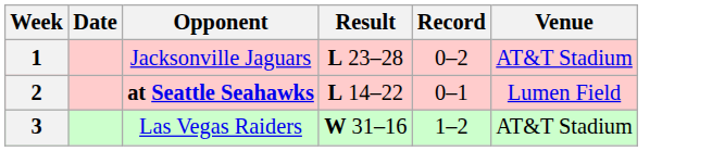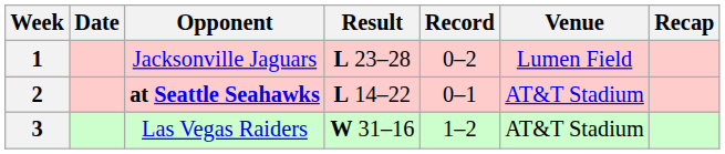 <table class="wikitable" style="text-align:center">
 <tr>
 <th>Week</th>
 <th>Date</th>
 <th>Opponent</th>
 <th>Result</th>
 <th>Record</th>
 <th>Venue</th>
+<th>Recap</th>
 </tr>
 <tr style="background:#fcc">
 <th>1</th>
 <td></td>
 <td><a href='#'>Jacksonville Jaguars</a></td>
 <td><strong>L</strong> 23–28</td>
 <td>0–2</td>
-<td><a href='#'>AT&T Stadium</a></td>
+<td><a href='#'>Lumen Field</a></td>
+<td></td>
 </tr>
 <tr style="background:#fcc">
 <th>2</th>
 <td></td>
 <td><strong>at <a href='#'>Seattle Seahawks</a></strong></td>
 <td><strong>L</strong> 14–22</td>
 <td>0–1</td>
-<td><a href='#'>Lumen Field</a></td>
+<td><a href='#'>AT&T Stadium</a></td>
+<td></td>
 </tr>
 <tr style="background:#cfc">
 <th>3</th>
 <td></td>
 <td><a href='#'>Las Vegas Raiders</a></td>
 <td><strong>W</strong> 31–16</td>
 <td>1–2</td>
 <td>AT&T Stadium</td>
+<td></td>
 </tr>
 </table>
